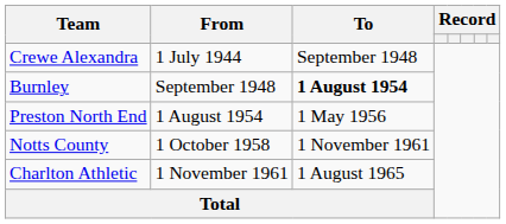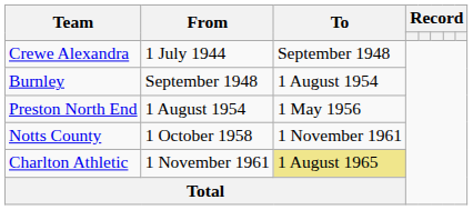 <table class=wikitable style="text-align: center">
 <tr>
 <th rowspan=2>Team</th>
 <th rowspan=2>From</th>
 <th rowspan=2>To</th>
 <th colspan=5>Record</th>
 </tr>
 <tr>
 <th></th>
 <th></th>
 <th></th>
 <th></th>
 <th></th>
 </tr>
 <tr>
 <td align=left><a href='#'>Crewe Alexandra</a></td>
 <td align=left>1 July 1944</td>
 <td align=left>September 1948<br></td>
 </tr>
 <tr>
 <td align=left><a href='#'>Burnley</a></td>
 <td align=left>September 1948</td>
-<td align=left><strong>1 August 1954<br></strong></td>
+<td align=left>1 August 1954<br></td>
 </tr>
 <tr>
 <td align=left><a href='#'>Preston North End</a></td>
 <td align=left>1 August 1954</td>
 <td align=left>1 May 1956<br></td>
 </tr>
 <tr>
 <td align=left><a href='#'>Notts County</a></td>
 <td align=left>1 October 1958</td>
 <td align=left>1 November 1961<br></td>
 </tr>
 <tr>
 <td align=left><a href='#'>Charlton Athletic</a></td>
 <td align=left>1 November 1961</td>
-<td align=left>1 August 1965<br></td>
+<td align=left style="background: khaki;">1 August 1965<br></td>
 </tr>
 <tr>
 <th colspan=3>Total<br></th>
 </tr>
 </table>
